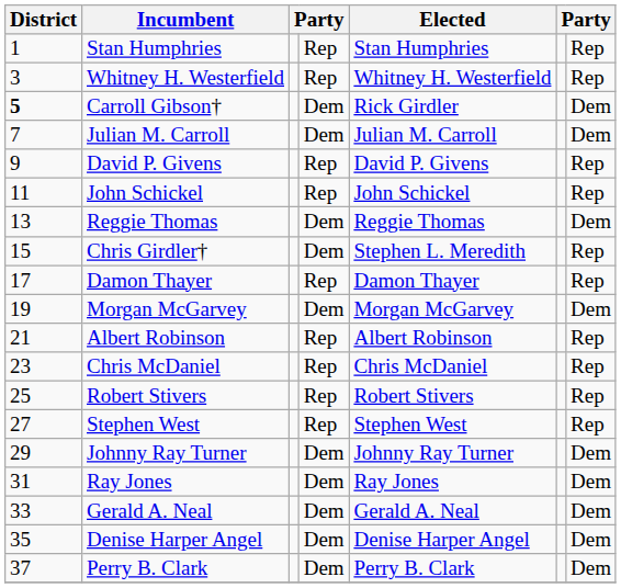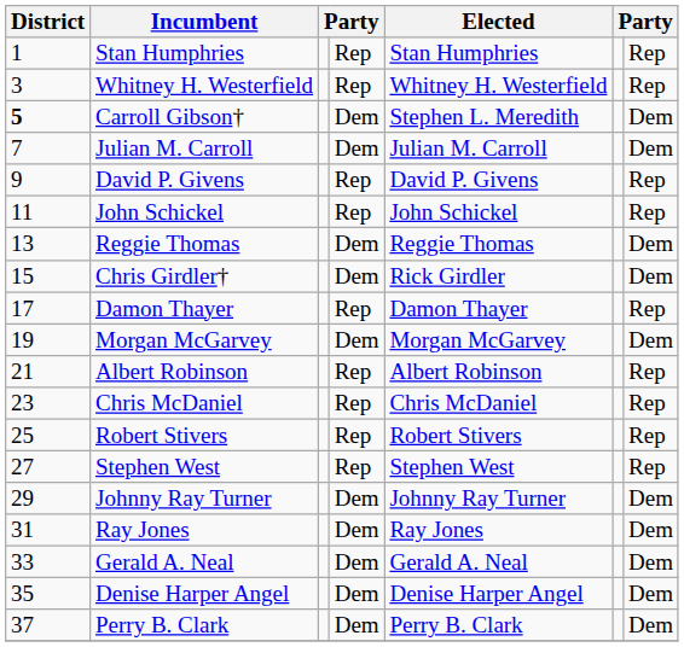 <table class="sortable wikitable" style="font-size:95%;line-height:14px;">
 <tr>
 <th class="unsortable">District</th>
 <th class="unsortable"><a href='#'>Incumbent</a></th>
 <th colspan="2">Party</th>
 <th class="unsortable">Elected</th>
 <th colspan="2">Party</th>
 </tr>
 <tr>
 <td>1</td>
 <td><a href='#'>Stan Humphries</a></td>
 <td style="background:"></td>
 <td>Rep</td>
 <td><a href='#'>Stan Humphries</a></td>
 <td style="background:"></td>
 <td>Rep</td>
 </tr>
 <tr>
 <td>3</td>
 <td><a href='#'>Whitney H. Westerfield</a></td>
 <td style="background:"></td>
 <td>Rep</td>
 <td><a href='#'>Whitney H. Westerfield</a></td>
 <td style="background:"></td>
 <td>Rep</td>
 </tr>
 <tr>
 <td><strong>5</strong></td>
 <td><a href='#'>Carroll Gibson</a>†</td>
 <td style="background:"></td>
 <td>Dem</td>
-<td><a href='#'>Rick Girdler</a></td>
+<td><a href='#'>Stephen L. Meredith</a></td>
 <td style="background:"></td>
 <td>Dem</td>
 </tr>
 <tr>
 <td>7</td>
 <td><a href='#'>Julian M. Carroll</a></td>
 <td style="background:"></td>
 <td>Dem</td>
 <td><a href='#'>Julian M. Carroll</a></td>
 <td style="background:"></td>
 <td>Dem</td>
 </tr>
 <tr>
 <td>9</td>
 <td><a href='#'>David P. Givens</a></td>
 <td style="background:"></td>
 <td>Rep</td>
 <td><a href='#'>David P. Givens</a></td>
 <td style="background:"></td>
 <td>Rep</td>
 </tr>
 <tr>
 <td>11</td>
 <td><a href='#'>John Schickel</a></td>
 <td style="background:"></td>
 <td>Rep</td>
 <td><a href='#'>John Schickel</a></td>
 <td style="background:"></td>
 <td>Rep</td>
 </tr>
 <tr>
 <td>13</td>
 <td><a href='#'>Reggie Thomas</a></td>
 <td style="background:"></td>
 <td>Dem</td>
 <td><a href='#'>Reggie Thomas</a></td>
 <td style="background:"></td>
 <td>Dem</td>
 </tr>
 <tr>
 <td>15</td>
 <td><a href='#'>Chris Girdler</a>†</td>
 <td style="background:"></td>
 <td>Dem</td>
-<td><a href='#'>Stephen L. Meredith</a></td>
+<td><a href='#'>Rick Girdler</a></td>
 <td style="background:"></td>
-<td>Rep</td>
+<td>Dem</td>
 </tr>
 <tr>
 <td>17</td>
 <td><a href='#'>Damon Thayer</a></td>
 <td style="background:"></td>
 <td>Rep</td>
 <td><a href='#'>Damon Thayer</a></td>
 <td style="background:"></td>
 <td>Rep</td>
 </tr>
 <tr>
 <td>19</td>
 <td><a href='#'>Morgan McGarvey</a></td>
 <td style="background:"></td>
 <td>Dem</td>
 <td><a href='#'>Morgan McGarvey</a></td>
 <td style="background:"></td>
 <td>Dem</td>
 </tr>
 <tr>
 <td>21</td>
 <td><a href='#'>Albert Robinson</a></td>
 <td style="background:"></td>
 <td>Rep</td>
 <td><a href='#'>Albert Robinson</a></td>
 <td style="background:"></td>
 <td>Rep</td>
 </tr>
 <tr>
 <td>23</td>
 <td><a href='#'>Chris McDaniel</a></td>
 <td style="background:"></td>
 <td>Rep</td>
 <td><a href='#'>Chris McDaniel</a></td>
 <td style="background:"></td>
 <td>Rep</td>
 </tr>
 <tr>
 <td>25</td>
 <td><a href='#'>Robert Stivers</a></td>
 <td style="background:"></td>
 <td>Rep</td>
 <td><a href='#'>Robert Stivers</a></td>
 <td style="background:"></td>
 <td>Rep</td>
 </tr>
 <tr>
 <td>27</td>
 <td><a href='#'>Stephen West</a></td>
 <td style="background:"></td>
 <td>Rep</td>
 <td><a href='#'>Stephen West</a></td>
 <td style="background:"></td>
 <td>Rep</td>
 </tr>
 <tr>
 <td>29</td>
 <td><a href='#'>Johnny Ray Turner</a></td>
 <td style="background:"></td>
 <td>Dem</td>
 <td><a href='#'>Johnny Ray Turner</a></td>
 <td style="background:"></td>
 <td>Dem</td>
 </tr>
 <tr>
 <td>31</td>
 <td><a href='#'>Ray Jones</a></td>
 <td style="background:"></td>
 <td>Dem</td>
 <td><a href='#'>Ray Jones</a></td>
 <td style="background:"></td>
 <td>Dem</td>
 </tr>
 <tr>
 <td>33</td>
 <td><a href='#'>Gerald A. Neal</a></td>
 <td style="background:"></td>
 <td>Dem</td>
 <td><a href='#'>Gerald A. Neal</a></td>
 <td style="background:"></td>
 <td>Dem</td>
 </tr>
 <tr>
 <td>35</td>
 <td><a href='#'>Denise Harper Angel</a></td>
 <td style="background:"></td>
 <td>Dem</td>
 <td><a href='#'>Denise Harper Angel</a></td>
 <td style="background:"></td>
 <td>Dem</td>
 </tr>
 <tr>
 <td>37</td>
 <td><a href='#'>Perry B. Clark</a></td>
 <td style="background:"></td>
 <td>Dem</td>
 <td><a href='#'>Perry B. Clark</a></td>
 <td style="background:"></td>
 <td>Dem</td>
 </tr>
 <tr>
 </tr>
 </table>
